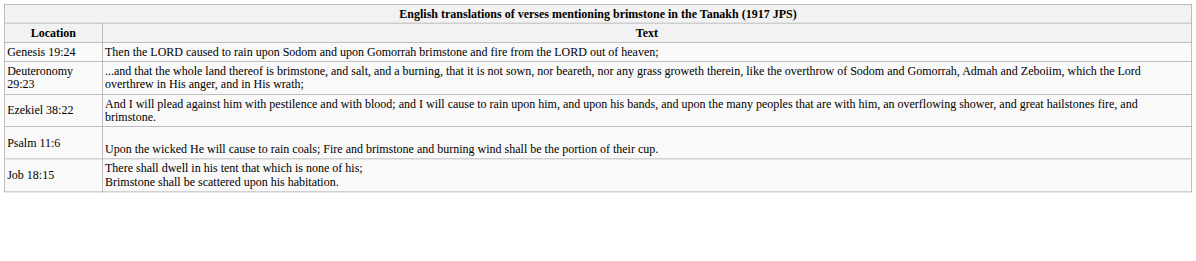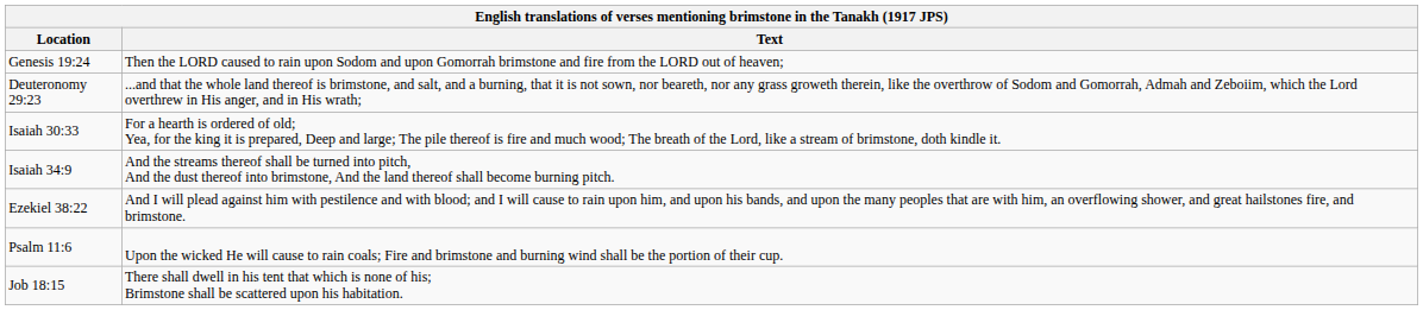 <table class="wikitable mw-collapsible mw-collapsed" style="width:100%">
 <tr>
 <th colspan="2">English translations of verses mentioning brimstone in the Tanakh (1917 JPS)</th>
 </tr>
 <tr>
 <th>Location</th>
 <th>Text</th>
 </tr>
 <tr>
 <td>Genesis 19:24</td>
 <td>Then the LORD caused to rain upon Sodom and upon Gomorrah brimstone and fire from the LORD out of heaven;</td>
 </tr>
 <tr>
 <td>Deuteronomy 29:23</td>
 <td>...and that the whole land thereof is brimstone, and salt, and a burning, that it is not sown, nor beareth, nor any grass groweth therein, like the overthrow of Sodom and Gomorrah, Admah and Zeboiim, which the Lord overthrew in His anger, and in His wrath;</td>
 </tr>
 <tr>
+<td>Isaiah 30:33</td>
+<td>For a hearth is ordered of old;<br>Yea, for the king it is prepared, Deep and large; The pile thereof is fire and much wood; The breath of the Lord, like a stream of brimstone, doth kindle it.</td>
+</tr>
+<tr>
+<td>Isaiah 34:9</td>
+<td>And the streams thereof shall be turned into pitch,<br>And the dust thereof into brimstone, And the land thereof shall become burning pitch.</td>
+</tr>
+<tr>
 <td>Ezekiel 38:22</td>
 <td>And I will plead against him with pestilence and with blood; and I will cause to rain upon him, and upon his bands, and upon the many peoples that are with him, an overflowing shower, and great hailstones fire, and brimstone.</td>
 </tr>
 <tr>
 <td>Psalm 11:6</td>
 <td><br>Upon the wicked He will cause to rain coals; Fire and brimstone and burning wind shall be the portion of their cup.</td>
 </tr>
 <tr>
 <td>Job 18:15</td>
 <td>There shall dwell in his tent that which is none of his;<br>Brimstone shall be scattered upon his habitation.</td>
 </tr>
 </table>
